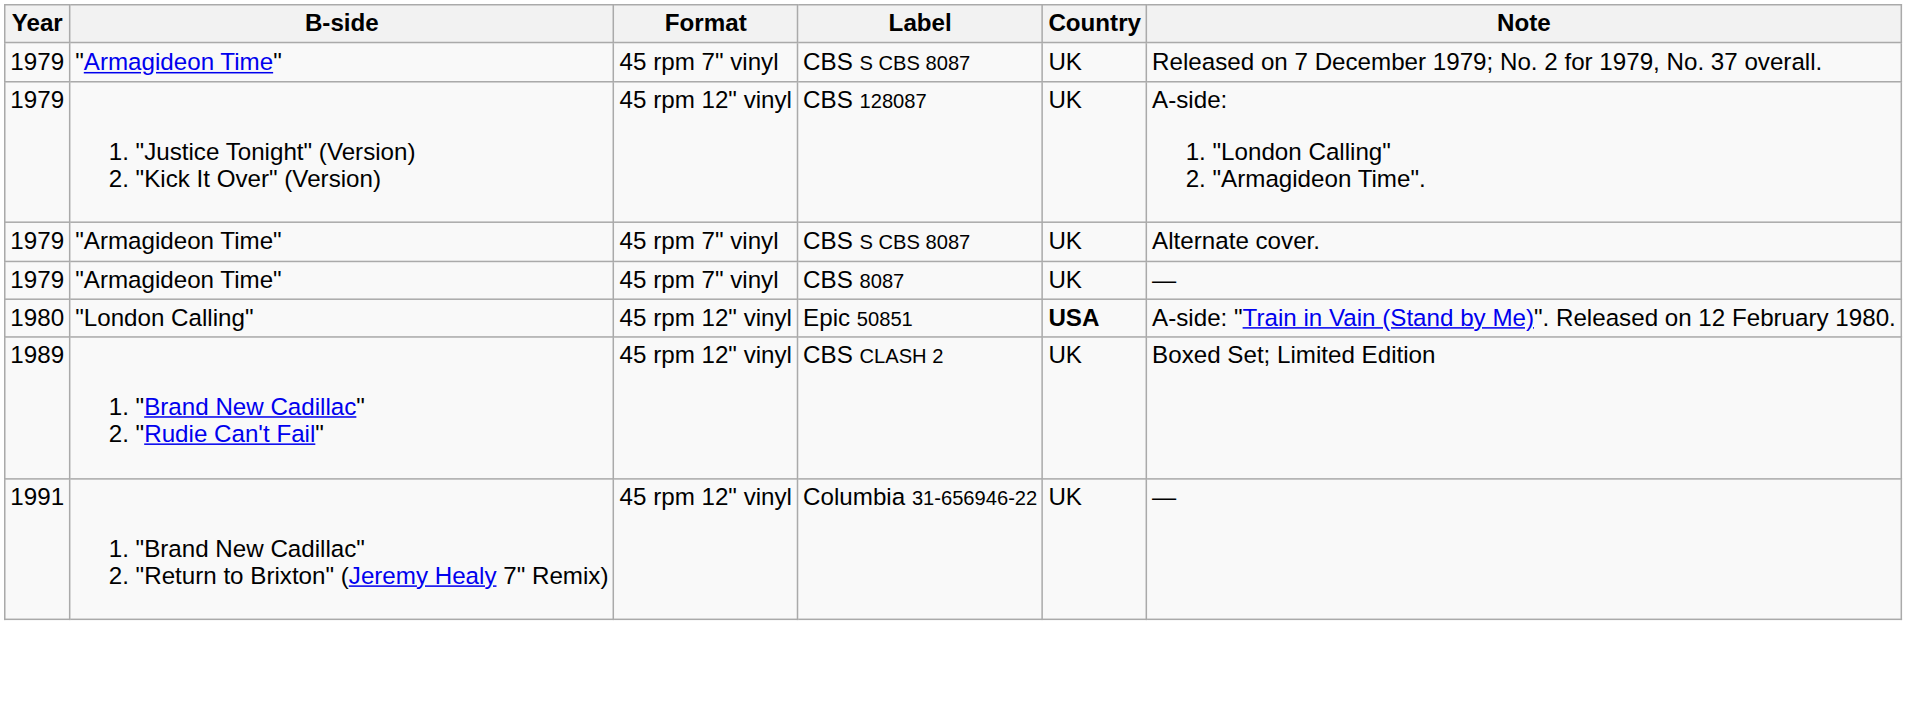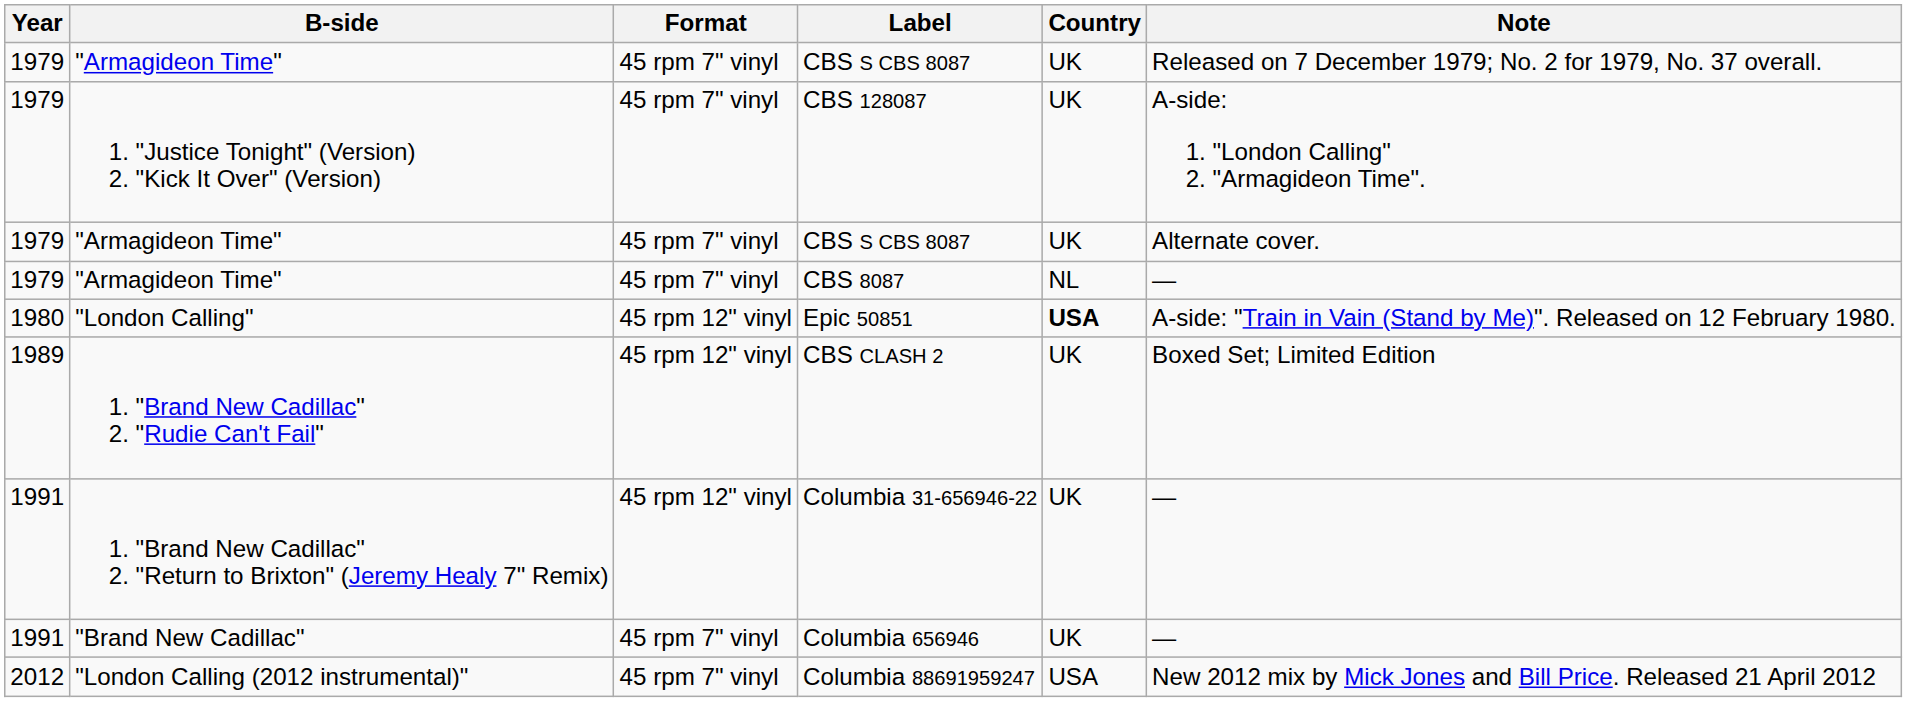 <table class="wikitable">
 <tr style="vertical-align: top">
 <th>Year</th>
 <th>B-side</th>
 <th>Format</th>
 <th>Label</th>
 <th>Country</th>
 <th>Note</th>
 </tr>
 <tr style="vertical-align: top">
 <td>1979</td>
 <td>"<a href='#'>Armagideon Time</a>"</td>
 <td>45 rpm 7" vinyl</td>
 <td>CBS <small>S CBS 8087</small></td>
 <td>UK</td>
 <td>Released on 7 December 1979; No. 2 for 1979, No. 37 overall.</td>
 </tr>
 <tr style="vertical-align: top">
 <td>1979</td>
 <td><br><ol><li>"Justice Tonight" (Version)</li><li>"Kick It Over" (Version)</li></ol></td>
-<td>45 rpm 12" vinyl</td>
+<td>45 rpm 7" vinyl</td>
 <td>CBS <small>128087</small></td>
 <td>UK</td>
 <td>A-side:<br><ol><li>"London Calling"</li><li>"Armagideon Time".</li></ol></td>
 </tr>
 <tr style="vertical-align: top">
 <td>1979</td>
 <td>"Armagideon Time"</td>
 <td>45 rpm 7" vinyl</td>
 <td>CBS <small>S CBS 8087</small></td>
 <td>UK</td>
 <td>Alternate cover.</td>
 </tr>
 <tr style="vertical-align: top">
 <td>1979</td>
 <td>"Armagideon Time"</td>
 <td>45 rpm 7" vinyl</td>
 <td>CBS <small>8087</small></td>
-<td>UK</td>
+<td>NL</td>
 <td>—</td>
 </tr>
 <tr style="vertical-align: top">
 <td>1980</td>
 <td>"London Calling"</td>
 <td>45 rpm 12" vinyl</td>
 <td>Epic <small>50851</small></td>
 <td><strong>USA</strong></td>
 <td>A-side: "<a href='#'>Train in Vain (Stand by Me)</a>". Released on 12 February 1980.</td>
 </tr>
 <tr style="vertical-align: top">
 <td>1989</td>
 <td><br><ol><li>"<a href='#'>Brand New Cadillac</a>"</li><li>"<a href='#'>Rudie Can't Fail</a>"</li></ol></td>
 <td>45 rpm 12" vinyl</td>
 <td>CBS <small>CLASH 2</small></td>
 <td>UK</td>
 <td>Boxed Set; Limited Edition</td>
 </tr>
 <tr style="vertical-align: top">
 <td>1991</td>
 <td><br><ol><li>"Brand New Cadillac"</li><li>"Return to Brixton" (<a href='#'>Jeremy Healy</a> 7" Remix)</li></ol></td>
 <td>45 rpm 12" vinyl</td>
 <td>Columbia <small>31-656946-22</small></td>
 <td>UK</td>
 <td>—</td>
 </tr>
+<tr style="vertical-align: top">
+<td>1991</td>
+<td>"Brand New Cadillac"</td>
+<td>45 rpm 7" vinyl</td>
+<td>Columbia <small>656946</small></td>
+<td>UK</td>
+<td>—</td>
+</tr>
+<tr style="vertical-align: top">
+<td>2012</td>
+<td>"London Calling (2012 instrumental)"</td>
+<td>45 rpm 7" vinyl</td>
+<td>Columbia <small>88691959247</small></td>
+<td>USA</td>
+<td>New 2012 mix by <a href='#'>Mick Jones</a> and <a href='#'>Bill Price</a>. Released 21 April 2012</td>
+</tr>
 </table>
